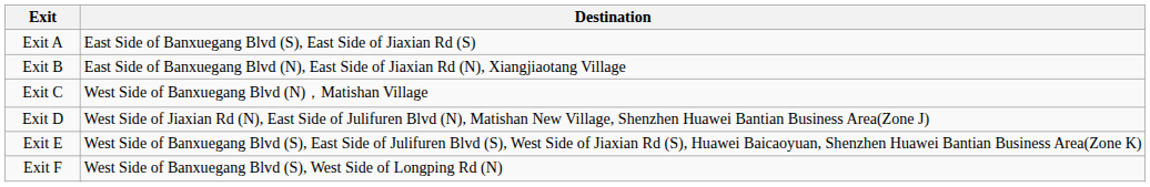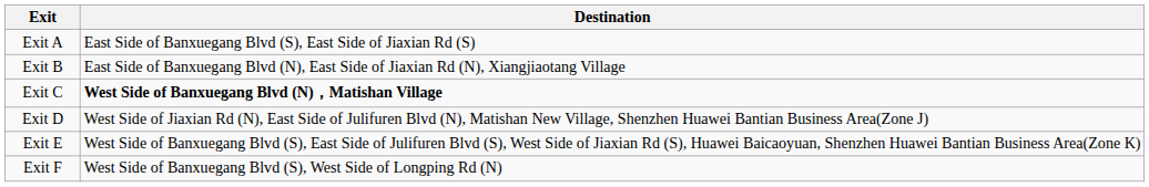 <table class="wikitable">
 <tr>
 <th style="width:70px" colspan="2">Exit</th>
 <th>Destination</th>
 </tr>
 <tr>
 <td align="center" colspan="2">Exit A</td>
 <td>East Side of Banxuegang Blvd (S), East Side of Jiaxian Rd (S)</td>
 </tr>
 <tr>
 <td align="center" colspan="2">Exit B</td>
 <td>East Side of Banxuegang Blvd (N), East Side of Jiaxian Rd (N), Xiangjiaotang Village</td>
 </tr>
 <tr>
 <td align="center" colspan="2">Exit C</td>
-<td>West Side of Banxuegang Blvd (N)，Matishan Village</td>
+<td><strong>West Side of Banxuegang Blvd (N)，Matishan Village</strong></td>
 </tr>
 <tr>
 <td align="center" colspan="2">Exit D</td>
 <td>West Side of Jiaxian Rd (N), East Side of Julifuren Blvd (N), Matishan New Village, Shenzhen Huawei Bantian Business Area(Zone J)</td>
 </tr>
 <tr>
 <td align="center" colspan="2">Exit E</td>
 <td>West Side of Banxuegang Blvd (S), East Side of Julifuren Blvd (S), West Side of Jiaxian Rd (S), Huawei Baicaoyuan, Shenzhen Huawei Bantian Business Area(Zone K)</td>
 </tr>
 <tr>
 <td align="center" colspan="2">Exit F</td>
 <td>West Side of Banxuegang Blvd (S), West Side of Longping Rd (N)</td>
 </tr>
 </table>
